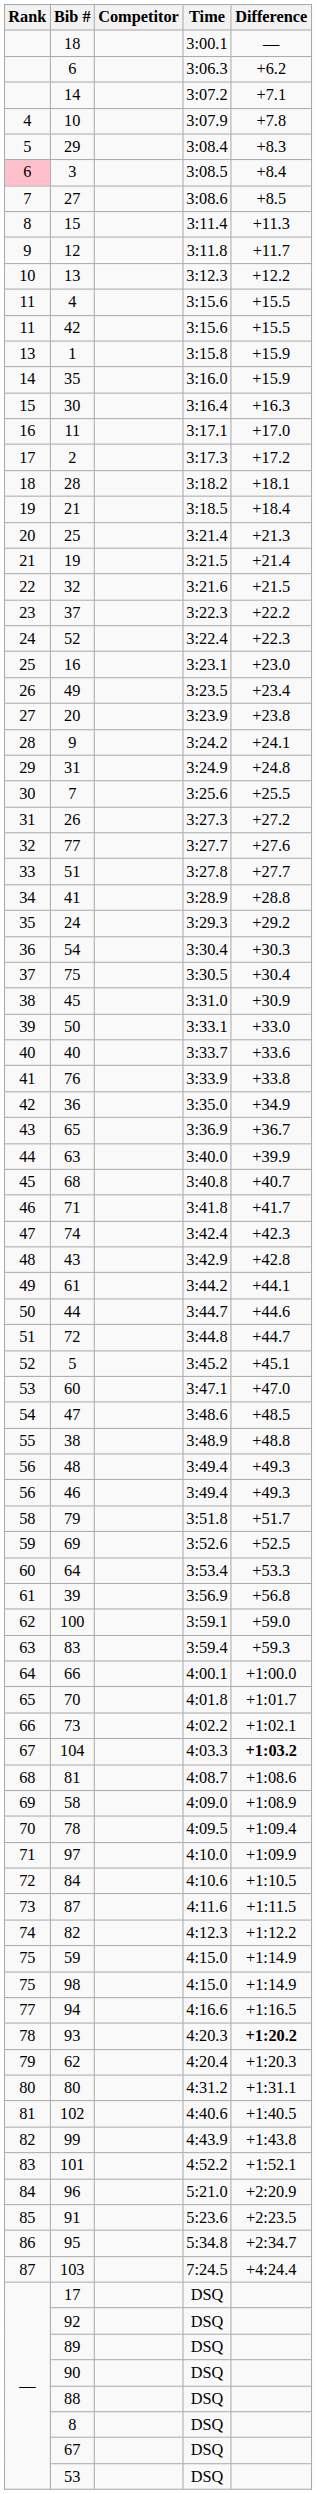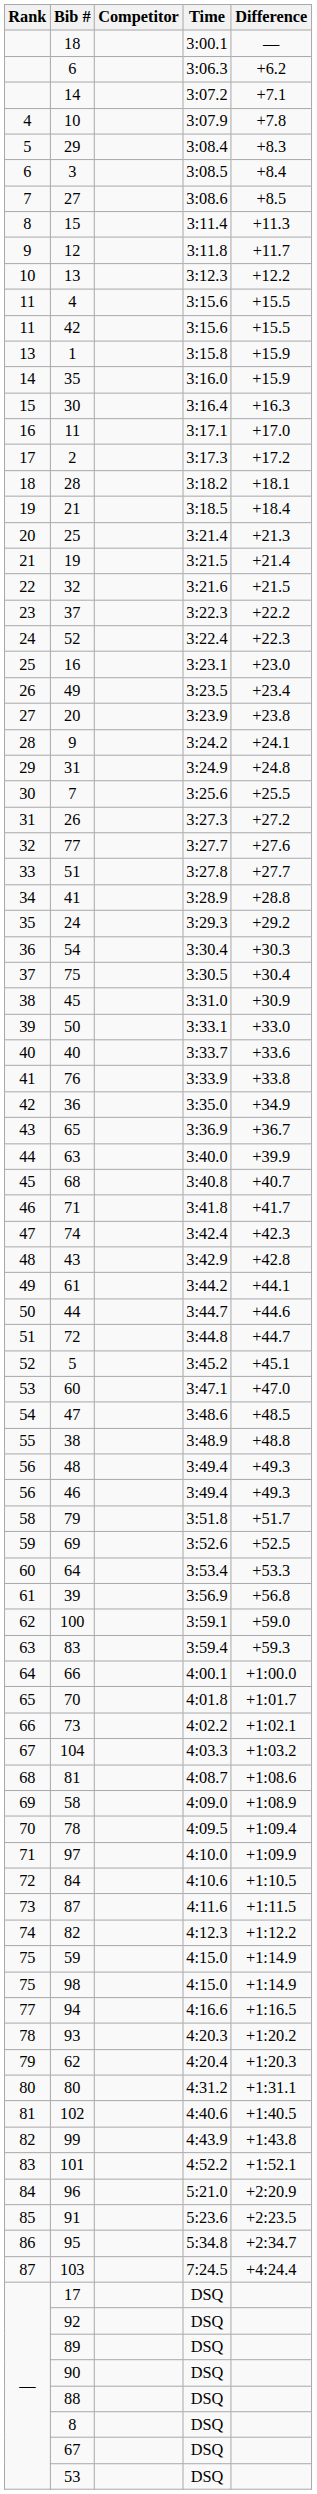 <table class="wikitable sortable" style="text-align:center">
 <tr>
 <th>Rank</th>
 <th>Bib #</th>
 <th>Competitor</th>
 <th>Time</th>
 <th>Difference</th>
 </tr>
 <tr>
 <td></td>
 <td>18</td>
 <td align=left></td>
 <td>3:00.1</td>
 <td>—</td>
 </tr>
 <tr>
 <td></td>
 <td>6</td>
 <td align=left></td>
 <td>3:06.3</td>
 <td>+6.2</td>
 </tr>
 <tr>
 <td></td>
 <td>14</td>
 <td align=left></td>
 <td>3:07.2</td>
 <td>+7.1</td>
 </tr>
 <tr>
 <td>4</td>
 <td>10</td>
 <td align=left></td>
 <td>3:07.9</td>
 <td>+7.8</td>
 </tr>
 <tr>
 <td>5</td>
 <td>29</td>
 <td align=left></td>
 <td>3:08.4</td>
 <td>+8.3</td>
 </tr>
 <tr>
-<td style="background: pink;">6</td>
+<td>6</td>
 <td>3</td>
 <td align=left></td>
 <td>3:08.5</td>
 <td>+8.4</td>
 </tr>
 <tr>
 <td>7</td>
 <td>27</td>
 <td align=left></td>
 <td>3:08.6</td>
 <td>+8.5</td>
 </tr>
 <tr>
 <td>8</td>
 <td>15</td>
 <td align=left></td>
 <td>3:11.4</td>
 <td>+11.3</td>
 </tr>
 <tr>
 <td>9</td>
 <td>12</td>
 <td align=left></td>
 <td>3:11.8</td>
 <td>+11.7</td>
 </tr>
 <tr>
 <td>10</td>
 <td>13</td>
 <td align=left></td>
 <td>3:12.3</td>
 <td>+12.2</td>
 </tr>
 <tr>
 <td>11</td>
 <td>4</td>
 <td align=left></td>
 <td>3:15.6</td>
 <td>+15.5</td>
 </tr>
 <tr>
 <td>11</td>
 <td>42</td>
 <td align=left></td>
 <td>3:15.6</td>
 <td>+15.5</td>
 </tr>
 <tr>
 <td>13</td>
 <td>1</td>
 <td align=left></td>
 <td>3:15.8</td>
 <td>+15.9</td>
 </tr>
 <tr>
 <td>14</td>
 <td>35</td>
 <td align=left></td>
 <td>3:16.0</td>
 <td>+15.9</td>
 </tr>
 <tr>
 <td>15</td>
 <td>30</td>
 <td align=left></td>
 <td>3:16.4</td>
 <td>+16.3</td>
 </tr>
 <tr>
 <td>16</td>
 <td>11</td>
 <td align=left></td>
 <td>3:17.1</td>
 <td>+17.0</td>
 </tr>
 <tr>
 <td>17</td>
 <td>2</td>
 <td align=left></td>
 <td>3:17.3</td>
 <td>+17.2</td>
 </tr>
 <tr>
 <td>18</td>
 <td>28</td>
 <td align=left></td>
 <td>3:18.2</td>
 <td>+18.1</td>
 </tr>
 <tr>
 <td>19</td>
 <td>21</td>
 <td align=left></td>
 <td>3:18.5</td>
 <td>+18.4</td>
 </tr>
 <tr>
 <td>20</td>
 <td>25</td>
 <td align=left></td>
 <td>3:21.4</td>
 <td>+21.3</td>
 </tr>
 <tr>
 <td>21</td>
 <td>19</td>
 <td align=left></td>
 <td>3:21.5</td>
 <td>+21.4</td>
 </tr>
 <tr>
 <td>22</td>
 <td>32</td>
 <td align=left></td>
 <td>3:21.6</td>
 <td>+21.5</td>
 </tr>
 <tr>
 <td>23</td>
 <td>37</td>
 <td align=left></td>
 <td>3:22.3</td>
 <td>+22.2</td>
 </tr>
 <tr>
 <td>24</td>
 <td>52</td>
 <td align=left></td>
 <td>3:22.4</td>
 <td>+22.3</td>
 </tr>
 <tr>
 <td>25</td>
 <td>16</td>
 <td align=left></td>
 <td>3:23.1</td>
 <td>+23.0</td>
 </tr>
 <tr>
 <td>26</td>
 <td>49</td>
 <td align=left></td>
 <td>3:23.5</td>
 <td>+23.4</td>
 </tr>
 <tr>
 <td>27</td>
 <td>20</td>
 <td align=left></td>
 <td>3:23.9</td>
 <td>+23.8</td>
 </tr>
 <tr>
 <td>28</td>
 <td>9</td>
 <td align=left></td>
 <td>3:24.2</td>
 <td>+24.1</td>
 </tr>
 <tr>
 <td>29</td>
 <td>31</td>
 <td align=left></td>
 <td>3:24.9</td>
 <td>+24.8</td>
 </tr>
 <tr>
 <td>30</td>
 <td>7</td>
 <td align=left></td>
 <td>3:25.6</td>
 <td>+25.5</td>
 </tr>
 <tr>
 <td>31</td>
 <td>26</td>
 <td align=left></td>
 <td>3:27.3</td>
 <td>+27.2</td>
 </tr>
 <tr>
 <td>32</td>
 <td>77</td>
 <td align=left></td>
 <td>3:27.7</td>
 <td>+27.6</td>
 </tr>
 <tr>
 <td>33</td>
 <td>51</td>
 <td align=left></td>
 <td>3:27.8</td>
 <td>+27.7</td>
 </tr>
 <tr>
 <td>34</td>
 <td>41</td>
 <td align=left></td>
 <td>3:28.9</td>
 <td>+28.8</td>
 </tr>
 <tr>
 <td>35</td>
 <td>24</td>
 <td align=left></td>
 <td>3:29.3</td>
 <td>+29.2</td>
 </tr>
 <tr>
 <td>36</td>
 <td>54</td>
 <td align=left></td>
 <td>3:30.4</td>
 <td>+30.3</td>
 </tr>
 <tr>
 <td>37</td>
 <td>75</td>
 <td align=left></td>
 <td>3:30.5</td>
 <td>+30.4</td>
 </tr>
 <tr>
 <td>38</td>
 <td>45</td>
 <td align=left></td>
 <td>3:31.0</td>
 <td>+30.9</td>
 </tr>
 <tr>
 <td>39</td>
 <td>50</td>
 <td align=left></td>
 <td>3:33.1</td>
 <td>+33.0</td>
 </tr>
 <tr>
 <td>40</td>
 <td>40</td>
 <td align=left></td>
 <td>3:33.7</td>
 <td>+33.6</td>
 </tr>
 <tr>
 <td>41</td>
 <td>76</td>
 <td align=left></td>
 <td>3:33.9</td>
 <td>+33.8</td>
 </tr>
 <tr>
 <td>42</td>
 <td>36</td>
 <td align=left></td>
 <td>3:35.0</td>
 <td>+34.9</td>
 </tr>
 <tr>
 <td>43</td>
 <td>65</td>
 <td align=left></td>
 <td>3:36.9</td>
 <td>+36.7</td>
 </tr>
 <tr>
 <td>44</td>
 <td>63</td>
 <td align=left></td>
 <td>3:40.0</td>
 <td>+39.9</td>
 </tr>
 <tr>
 <td>45</td>
 <td>68</td>
 <td align=left></td>
 <td>3:40.8</td>
 <td>+40.7</td>
 </tr>
 <tr>
 <td>46</td>
 <td>71</td>
 <td align=left></td>
 <td>3:41.8</td>
 <td>+41.7</td>
 </tr>
 <tr>
 <td>47</td>
 <td>74</td>
 <td align=left></td>
 <td>3:42.4</td>
 <td>+42.3</td>
 </tr>
 <tr>
 <td>48</td>
 <td>43</td>
 <td align=left></td>
 <td>3:42.9</td>
 <td>+42.8</td>
 </tr>
 <tr>
 <td>49</td>
 <td>61</td>
 <td align=left></td>
 <td>3:44.2</td>
 <td>+44.1</td>
 </tr>
 <tr>
 <td>50</td>
 <td>44</td>
 <td align=left></td>
 <td>3:44.7</td>
 <td>+44.6</td>
 </tr>
 <tr>
 <td>51</td>
 <td>72</td>
 <td align=left></td>
 <td>3:44.8</td>
 <td>+44.7</td>
 </tr>
 <tr>
 <td>52</td>
 <td>5</td>
 <td align=left></td>
 <td>3:45.2</td>
 <td>+45.1</td>
 </tr>
 <tr>
 <td>53</td>
 <td>60</td>
 <td align=left></td>
 <td>3:47.1</td>
 <td>+47.0</td>
 </tr>
 <tr>
 <td>54</td>
 <td>47</td>
 <td align=left></td>
 <td>3:48.6</td>
 <td>+48.5</td>
 </tr>
 <tr>
 <td>55</td>
 <td>38</td>
 <td align=left></td>
 <td>3:48.9</td>
 <td>+48.8</td>
 </tr>
 <tr>
 <td>56</td>
 <td>48</td>
 <td align=left></td>
 <td>3:49.4</td>
 <td>+49.3</td>
 </tr>
 <tr>
 <td>56</td>
 <td>46</td>
 <td align=left></td>
 <td>3:49.4</td>
 <td>+49.3</td>
 </tr>
 <tr>
 <td>58</td>
 <td>79</td>
 <td align=left></td>
 <td>3:51.8</td>
 <td>+51.7</td>
 </tr>
 <tr>
 <td>59</td>
 <td>69</td>
 <td align=left></td>
 <td>3:52.6</td>
 <td>+52.5</td>
 </tr>
 <tr>
 <td>60</td>
 <td>64</td>
 <td align=left></td>
 <td>3:53.4</td>
 <td>+53.3</td>
 </tr>
 <tr>
 <td>61</td>
 <td>39</td>
 <td align=left></td>
 <td>3:56.9</td>
 <td>+56.8</td>
 </tr>
 <tr>
 <td>62</td>
 <td>100</td>
 <td align=left></td>
 <td>3:59.1</td>
 <td>+59.0</td>
 </tr>
 <tr>
 <td>63</td>
 <td>83</td>
 <td align=left></td>
 <td>3:59.4</td>
 <td>+59.3</td>
 </tr>
 <tr>
 <td>64</td>
 <td>66</td>
 <td align=left></td>
 <td>4:00.1</td>
 <td>+1:00.0</td>
 </tr>
 <tr>
 <td>65</td>
 <td>70</td>
 <td align=left></td>
 <td>4:01.8</td>
 <td>+1:01.7</td>
 </tr>
 <tr>
 <td>66</td>
 <td>73</td>
 <td align=left></td>
 <td>4:02.2</td>
 <td>+1:02.1</td>
 </tr>
 <tr>
 <td>67</td>
 <td>104</td>
 <td align=left></td>
 <td>4:03.3</td>
-<td><strong>+1:03.2</strong></td>
+<td>+1:03.2</td>
 </tr>
 <tr>
 <td>68</td>
 <td>81</td>
 <td align=left></td>
 <td>4:08.7</td>
 <td>+1:08.6</td>
 </tr>
 <tr>
 <td>69</td>
 <td>58</td>
 <td align=left></td>
 <td>4:09.0</td>
 <td>+1:08.9</td>
 </tr>
 <tr>
 <td>70</td>
 <td>78</td>
 <td align=left></td>
 <td>4:09.5</td>
 <td>+1:09.4</td>
 </tr>
 <tr>
 <td>71</td>
 <td>97</td>
 <td align=left></td>
 <td>4:10.0</td>
 <td>+1:09.9</td>
 </tr>
 <tr>
 <td>72</td>
 <td>84</td>
 <td align=left></td>
 <td>4:10.6</td>
 <td>+1:10.5</td>
 </tr>
 <tr>
 <td>73</td>
 <td>87</td>
 <td align=left></td>
 <td>4:11.6</td>
 <td>+1:11.5</td>
 </tr>
 <tr>
 <td>74</td>
 <td>82</td>
 <td align=left></td>
 <td>4:12.3</td>
 <td>+1:12.2</td>
 </tr>
 <tr>
 <td>75</td>
 <td>59</td>
 <td align=left></td>
 <td>4:15.0</td>
 <td>+1:14.9</td>
 </tr>
 <tr>
 <td>75</td>
 <td>98</td>
 <td align=left></td>
 <td>4:15.0</td>
 <td>+1:14.9</td>
 </tr>
 <tr>
 <td>77</td>
 <td>94</td>
 <td align=left></td>
 <td>4:16.6</td>
 <td>+1:16.5</td>
 </tr>
 <tr>
 <td>78</td>
 <td>93</td>
 <td align=left></td>
 <td>4:20.3</td>
-<td><strong>+1:20.2</strong></td>
+<td>+1:20.2</td>
 </tr>
 <tr>
 <td>79</td>
 <td>62</td>
 <td align=left></td>
 <td>4:20.4</td>
 <td>+1:20.3</td>
 </tr>
 <tr>
 <td>80</td>
 <td>80</td>
 <td align=left></td>
 <td>4:31.2</td>
 <td>+1:31.1</td>
 </tr>
 <tr>
 <td>81</td>
 <td>102</td>
 <td align=left></td>
 <td>4:40.6</td>
 <td>+1:40.5</td>
 </tr>
 <tr>
 <td>82</td>
 <td>99</td>
 <td align=left></td>
 <td>4:43.9</td>
 <td>+1:43.8</td>
 </tr>
 <tr>
 <td>83</td>
 <td>101</td>
 <td align=left></td>
 <td>4:52.2</td>
 <td>+1:52.1</td>
 </tr>
 <tr>
 <td>84</td>
 <td>96</td>
 <td align=left></td>
 <td>5:21.0</td>
 <td>+2:20.9</td>
 </tr>
 <tr>
 <td>85</td>
 <td>91</td>
 <td align=left></td>
 <td>5:23.6</td>
 <td>+2:23.5</td>
 </tr>
 <tr>
 <td>86</td>
 <td>95</td>
 <td align=left></td>
 <td>5:34.8</td>
 <td>+2:34.7</td>
 </tr>
 <tr>
 <td>87</td>
 <td>103</td>
 <td align=left></td>
 <td>7:24.5</td>
 <td>+4:24.4</td>
 </tr>
 <tr>
 <td rowspan=28>—</td>
 <td>17</td>
 <td align=left></td>
 <td>DSQ</td>
 <td></td>
 </tr>
 <tr>
 <td>92</td>
 <td align=left></td>
 <td>DSQ</td>
 <td></td>
 </tr>
 <tr>
 <td>89</td>
 <td align=left></td>
 <td>DSQ</td>
 <td></td>
 </tr>
 <tr>
 <td>90</td>
 <td align=left></td>
 <td>DSQ</td>
 <td></td>
 </tr>
 <tr>
 <td>88</td>
 <td align=left></td>
 <td>DSQ</td>
 <td></td>
 </tr>
 <tr>
 <td>8</td>
 <td align=left></td>
 <td>DSQ</td>
 <td></td>
 </tr>
 <tr>
 <td>67</td>
 <td align=left></td>
 <td>DSQ</td>
 <td></td>
 </tr>
 <tr>
 <td>53</td>
 <td align=left></td>
 <td>DSQ</td>
 <td></td>
 </tr>
 </table>
